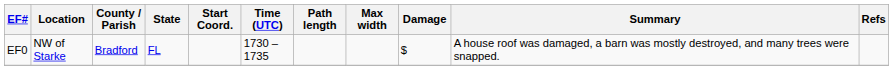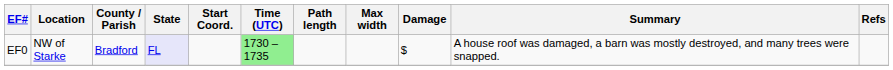 <table class="wikitable sortable" style="width:100%;">
 <tr>
 <th scope="col" width="3%" align="center"><a href='#'>EF#</a></th>
 <th scope="col" width="7%" align="center" class="unsortable">Location</th>
 <th scope="col" width="6%" align="center" class="unsortable">County / Parish</th>
 <th scope="col" width="5%" align="center">State</th>
 <th scope="col" width="6%" align="center">Start Coord.</th>
 <th scope="col" width="6%" align="center">Time (<a href='#'>UTC</a>)</th>
 <th scope="col" width="6%" align="center">Path length</th>
 <th scope="col" width="6%" align="center">Max width</th>
 <th scope="col" width="6%" align="center">Damage</th>
 <th scope="col" width="48%" class="unsortable" align="center">Summary</th>
 <th scope="col" width="48%" class="unsortable" align="center">Refs</th>
 </tr>
 <tr>
 <td>EF0</td>
 <td>NW of <a href='#'>Starke</a></td>
 <td><a href='#'>Bradford</a></td>
-<td><a href='#'>FL</a></td>
+<td style="background: lavender;"><a href='#'>FL</a></td>
 <td></td>
-<td>1730 – 1735</td>
+<td style="background: lightgreen;">1730 – 1735</td>
 <td></td>
 <td></td>
 <td>$</td>
 <td>A house roof was damaged, a barn was mostly destroyed, and many trees were snapped.</td>
 <td></td>
 </tr>
 <tr>
 </tr>
 </table>
